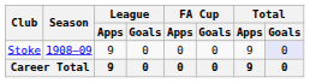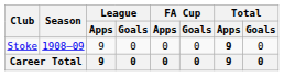 <table class="wikitable" style="text-align: center;">
 <tr>
 <th rowspan="2">Club</th>
 <th rowspan="2">Season</th>
 <th colspan="2">League</th>
 <th colspan="2">FA Cup</th>
 <th colspan="2">Total</th>
 </tr>
 <tr>
 <th>Apps</th>
 <th>Goals</th>
 <th>Apps</th>
 <th>Goals</th>
 <th>Apps</th>
 <th>Goals</th>
 </tr>
 <tr>
 <td><a href='#'>Stoke</a></td>
 <td><a href='#'>1908–09</a></td>
 <td>9</td>
 <td>0</td>
 <td>0</td>
 <td>0</td>
-<td>9</td>
-<td style="background: lavender;">0</td>
+<td><strong>9</strong></td>
+<td>0</td>
 </tr>
 <tr>
 <th colspan="2">Career Total</th>
 <th>9</th>
 <th>0</th>
 <th>0</th>
 <th>0</th>
 <th>9</th>
 <th>0</th>
 </tr>
 </table>
